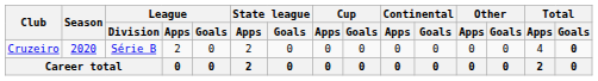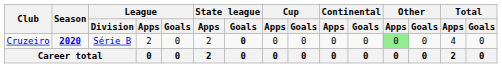 <table class="wikitable" style="text-align: center">
 <tr>
 <th rowspan="2">Club</th>
 <th rowspan="2">Season</th>
 <th colspan="3">League</th>
 <th colspan="2">State league</th>
 <th colspan="2">Cup</th>
 <th colspan="2">Continental</th>
 <th colspan="2">Other</th>
 <th colspan="2">Total</th>
 </tr>
 <tr>
 <th>Division</th>
 <th>Apps</th>
 <th>Goals</th>
 <th>Apps</th>
 <th>Goals</th>
 <th>Apps</th>
 <th>Goals</th>
 <th>Apps</th>
 <th>Goals</th>
 <th>Apps</th>
 <th>Goals</th>
 <th>Apps</th>
 <th>Goals</th>
 </tr>
 <tr>
 <td><a href='#'>Cruzeiro</a></td>
-<td><a href='#'>2020</a></td>
+<td><strong><a href='#'>2020</a></strong></td>
 <td><a href='#'>Série B</a></td>
 <td>2</td>
 <td>0</td>
 <td>2</td>
+<td><strong>0</strong></td>
 <td>0</td>
 <td>0</td>
 <td>0</td>
 <td>0</td>
-<td>0</td>
-<td>0</td>
+<td style="background: lightgreen;">0</td>
 <td>0</td>
 <td>4</td>
-<td><strong>0</strong></td>
+<td>0</td>
 </tr>
 <tr>
 <th colspan="3"><strong>Career total</strong></th>
 <th>0</th>
 <th>0</th>
 <th>2</th>
 <th>0</th>
 <th>0</th>
 <th>0</th>
 <th>0</th>
 <th>0</th>
 <th>0</th>
 <th>0</th>
 <th>2</th>
 <th>0</th>
 </tr>
 </table>
